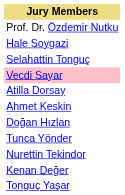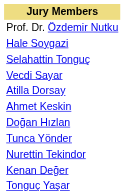 <table align="right" class="toccolours" cellspacing="0" cellpadding="3">
 <tr style="background: #EEDD82">
 <th>Jury Members</th>
 </tr>
 <tr>
 <td>Prof. Dr. <a href='#'>Özdemir Nutku</a></td>
 </tr>
 <tr>
 <td><a href='#'>Hale Soygazi</a></td>
 </tr>
 <tr>
 <td><a href='#'>Selahattin Tonguç</a></td>
 </tr>
 <tr>
-<td style="background: pink;"><a href='#'>Vecdi Sayar</a></td>
+<td><a href='#'>Vecdi Sayar</a></td>
 </tr>
 <tr>
 <td><a href='#'>Atilla Dorsay</a></td>
 </tr>
 <tr>
 <td><a href='#'>Ahmet Keskin</a></td>
 </tr>
 <tr>
 <td><a href='#'>Doğan Hızlan</a></td>
 </tr>
 <tr>
 <td><a href='#'>Tunca Yönder</a></td>
 </tr>
 <tr>
 <td><a href='#'>Nurettin Tekindor</a></td>
 </tr>
 <tr>
 <td><a href='#'>Kenan Değer</a></td>
 </tr>
 <tr>
 <td><a href='#'>Tonguç Yaşar</a></td>
 </tr>
 </table>
